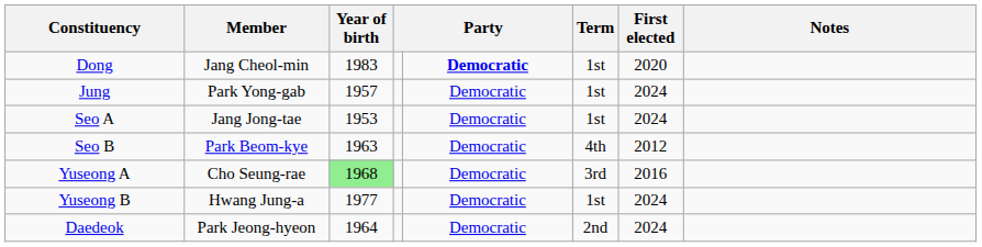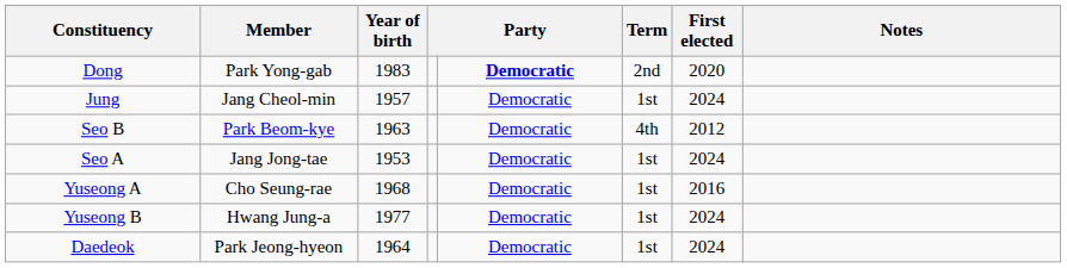 <table class="wikitable sortable" style="font-size:90%; text-align:center">
 <tr>
 <th scope="col" style="width:150px;">Constituency</th>
 <th scope="col" style="width:120px;">Member</th>
 <th scope="col" style="width:50px;">Year of birth</th>
 <th scope="col" style="width:150px;" colspan="2">Party</th>
 <th scope="col" style="width:20px;">Term</th>
 <th scope="col" style="width:50px;">First elected</th>
 <th scope="col" style="width:250px;" class="unsortable">Notes</th>
 </tr>
 <tr>
 <td><a href='#'>Dong</a></td>
-<td>Jang Cheol-min</td>
+<td>Park Yong-gab</td>
 <td>1983</td>
 <td scope="row" width="1" style="background-color:"></td>
 <td><strong><a href='#'>Democratic</a></strong></td>
-<td>1st</td>
+<td>2nd</td>
 <td>2020</td>
 <td></td>
 </tr>
 <tr>
 <td><a href='#'>Jung</a></td>
-<td>Park Yong-gab</td>
+<td>Jang Cheol-min</td>
 <td>1957</td>
-<td scope="row" style="background-color:"></td>
-<td><a href='#'>Democratic</a></td>
-<td>1st</td>
-<td>2024</td>
-<td></td>
-</tr>
-<tr>
-<td><a href='#'>Seo</a> A</td>
-<td>Jang Jong-tae</td>
-<td>1953</td>
 <td scope="row" style="background-color:"></td>
 <td><a href='#'>Democratic</a></td>
 <td>1st</td>
 <td>2024</td>
 <td></td>
 </tr>
 <tr>
 <td><a href='#'>Seo</a> B</td>
 <td><a href='#'>Park Beom-kye</a></td>
 <td>1963</td>
 <td scope="row" style="background-color:"></td>
 <td><a href='#'>Democratic</a></td>
 <td>4th</td>
 <td>2012</td>
 <td></td>
 </tr>
 <tr>
+<td><a href='#'>Seo</a> A</td>
+<td>Jang Jong-tae</td>
+<td>1953</td>
+<td scope="row" style="background-color:"></td>
+<td><a href='#'>Democratic</a></td>
+<td>1st</td>
+<td>2024</td>
+<td></td>
+</tr>
+<tr>
 <td><a href='#'>Yuseong</a> A</td>
 <td>Cho Seung-rae</td>
-<td style="background: lightgreen;">1968</td>
+<td>1968</td>
 <td scope="row" style="background-color:"></td>
 <td><a href='#'>Democratic</a></td>
-<td>3rd</td>
+<td>1st</td>
 <td>2016</td>
 <td></td>
 </tr>
 <tr>
 <td><a href='#'>Yuseong</a> B</td>
 <td>Hwang Jung-a</td>
 <td>1977</td>
 <td scope="row" style="background-color:"></td>
 <td><a href='#'>Democratic</a></td>
 <td>1st</td>
 <td>2024</td>
 <td></td>
 </tr>
 <tr>
 <td><a href='#'>Daedeok</a></td>
 <td>Park Jeong-hyeon</td>
 <td>1964</td>
 <td scope="row" style="background-color:"></td>
 <td><a href='#'>Democratic</a></td>
-<td>2nd</td>
+<td>1st</td>
 <td>2024</td>
 <td></td>
 </tr>
 </table>
